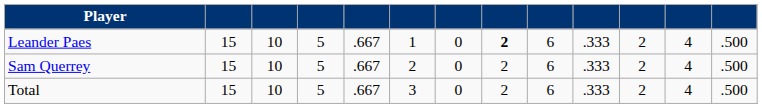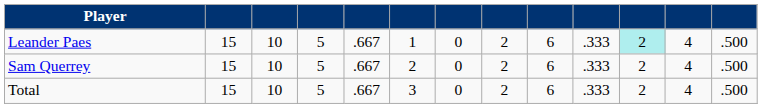 <table class="wikitable" style="text-align:center">
 <tr>
 <th style="background:#003372; color:#fff" width="200px">Player</th>
 <th style="background:#003372; color:#fff" width="40px"></th>
 <th style="background:#003372; color:#fff" width="40px"></th>
 <th style="background:#003372; color:#fff" width="40px"></th>
 <th style="background:#003372; color:#fff" width="40px"></th>
 <th style="background:#003372; color:#fff" width="40px"></th>
 <th style="background:#003372; color:#fff" width="40px"></th>
 <th style="background:#003372; color:#fff" width="40px"></th>
 <th style="background:#003372; color:#fff" width="40px"></th>
 <th style="background:#003372; color:#fff" width="40px"></th>
 <th style="background:#003372; color:#fff" width="40px"></th>
 <th style="background:#003372; color:#fff" width="40px"></th>
 <th style="background:#003372; color:#fff" width="40px"></th>
 </tr>
 <tr>
 <td style="text-align:left"><a href='#'>Leander Paes</a></td>
 <td>15</td>
 <td>10</td>
 <td>5</td>
 <td>.667</td>
 <td>1</td>
 <td>0</td>
-<td><strong>2</strong></td>
+<td>2</td>
 <td>6</td>
 <td>.333</td>
-<td>2</td>
+<td style="background: paleturquoise;">2</td>
 <td>4</td>
 <td>.500</td>
 </tr>
 <tr>
 <td style="text-align:left"><a href='#'>Sam Querrey</a></td>
 <td>15</td>
 <td>10</td>
 <td>5</td>
 <td>.667</td>
 <td>2</td>
 <td>0</td>
 <td>2</td>
 <td>6</td>
 <td>.333</td>
 <td>2</td>
 <td>4</td>
 <td>.500</td>
 </tr>
 <tr>
 <td style="text-align:left">Total</td>
 <td>15</td>
 <td>10</td>
 <td>5</td>
 <td>.667</td>
 <td>3</td>
 <td>0</td>
 <td>2</td>
 <td>6</td>
 <td>.333</td>
 <td>2</td>
 <td>4</td>
 <td>.500</td>
 </tr>
 </table>
